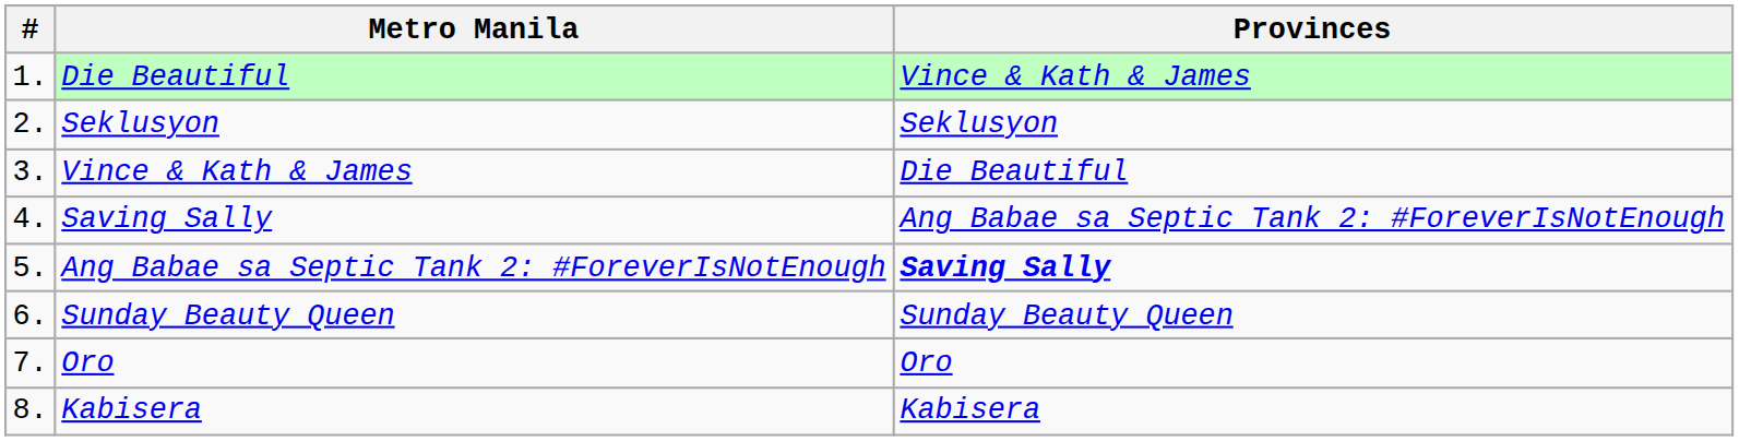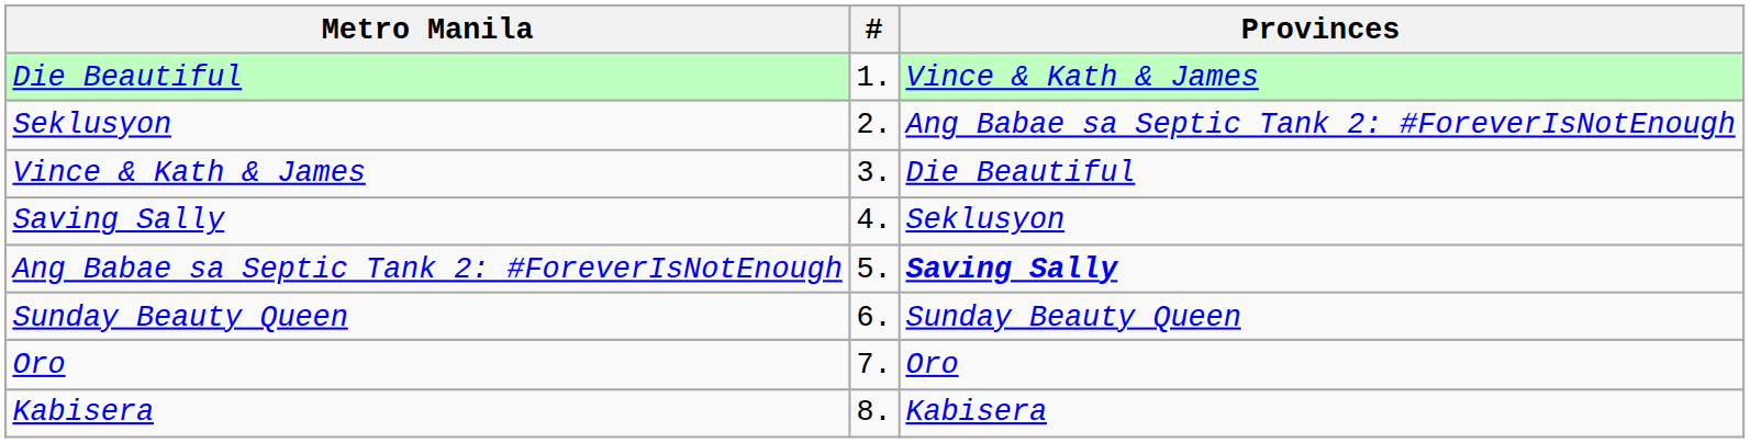 <table class="wikitable" style="text align: center">
 <tr bgcolor="#efefef">
+<th>Metro Manila</th>
 <th>#</th>
-<th>Metro Manila</th>
 <th>Provinces</th>
 </tr>
 <tr>
+<td style="background:#BFFFC0;"><em><a href='#'>Die Beautiful</a></em></td>
 <td>1.</td>
-<td style="background:#BFFFC0;"><em><a href='#'>Die Beautiful</a></em></td>
 <td style="background:#BFFFC0;"><em><a href='#'>Vince & Kath & James</a></em></td>
 </tr>
 <tr>
+<td><em><a href='#'>Seklusyon</a></em></td>
 <td>2.</td>
-<td><em><a href='#'>Seklusyon</a></em></td>
+<td><em><a href='#'>Ang Babae sa Septic Tank 2: #ForeverIsNotEnough</a></em></td>
+</tr>
+<tr>
+<td><em><a href='#'>Vince & Kath & James</a></em></td>
+<td>3.</td>
+<td><em><a href='#'>Die Beautiful</a></em></td>
+</tr>
+<tr>
+<td><em><a href='#'>Saving Sally</a></em></td>
+<td>4.</td>
 <td><em><a href='#'>Seklusyon</a></em></td>
 </tr>
 <tr>
-<td>3.</td>
-<td><em><a href='#'>Vince & Kath & James</a></em></td>
-<td><em><a href='#'>Die Beautiful</a></em></td>
-</tr>
-<tr>
-<td>4.</td>
-<td><em><a href='#'>Saving Sally</a></em></td>
 <td><em><a href='#'>Ang Babae sa Septic Tank 2: #ForeverIsNotEnough</a></em></td>
-</tr>
-<tr>
 <td>5.</td>
-<td><em><a href='#'>Ang Babae sa Septic Tank 2: #ForeverIsNotEnough</a></em></td>
 <td><strong><em><a href='#'>Saving Sally</a></em></strong></td>
 </tr>
 <tr>
+<td><em><a href='#'>Sunday Beauty Queen</a></em></td>
 <td>6.</td>
-<td><em><a href='#'>Sunday Beauty Queen</a></em></td>
 <td><em><a href='#'>Sunday Beauty Queen</a></em></td>
 </tr>
 <tr>
+<td><em><a href='#'>Oro</a></em></td>
 <td>7.</td>
-<td><em><a href='#'>Oro</a></em></td>
 <td><em><a href='#'>Oro</a></em></td>
 </tr>
 <tr>
+<td><em><a href='#'>Kabisera</a></em></td>
 <td>8.</td>
-<td><em><a href='#'>Kabisera</a></em></td>
 <td><em><a href='#'>Kabisera</a></em></td>
 </tr>
 </table>
